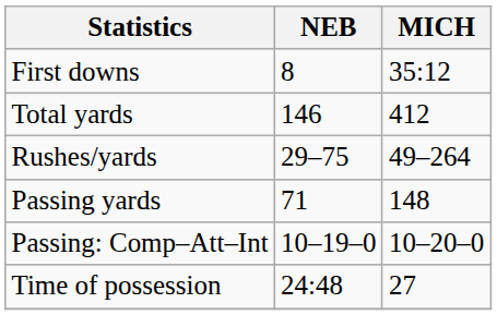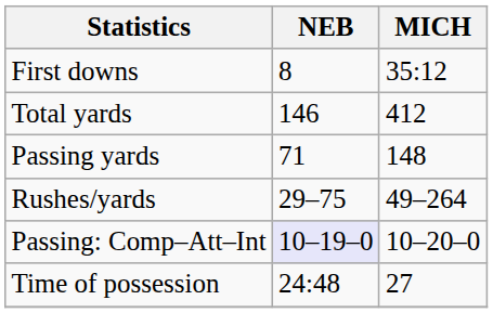 <table class="wikitable" style="float: left;">
 <tr>
 <th>Statistics</th>
 <th>NEB</th>
 <th>MICH</th>
 </tr>
 <tr>
 <td>First downs</td>
 <td>8</td>
 <td>35:12</td>
 </tr>
 <tr>
 <td>Total yards</td>
 <td>146</td>
 <td>412</td>
 </tr>
 <tr>
+<td>Passing yards</td>
+<td>71</td>
+<td>148</td>
+</tr>
+<tr>
 <td>Rushes/yards</td>
 <td>29–75</td>
 <td>49–264</td>
 </tr>
 <tr>
-<td>Passing yards</td>
-<td>71</td>
-<td>148</td>
-</tr>
-<tr>
 <td>Passing: Comp–Att–Int</td>
-<td>10–19–0</td>
+<td style="background: lavender;">10–19–0</td>
 <td>10–20–0</td>
 </tr>
 <tr>
 <td>Time of possession</td>
 <td>24:48</td>
 <td>27</td>
 </tr>
 <tr>
 </tr>
 </table>
